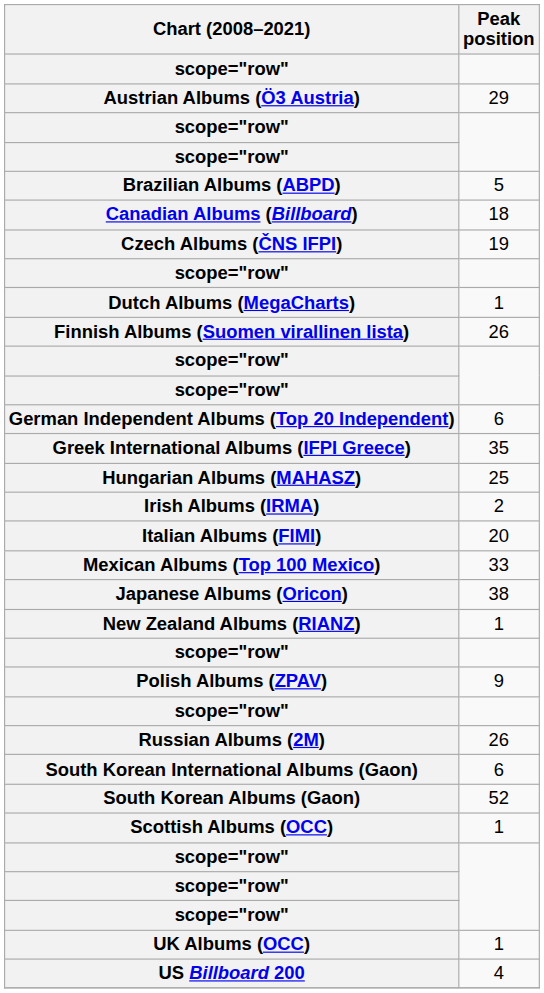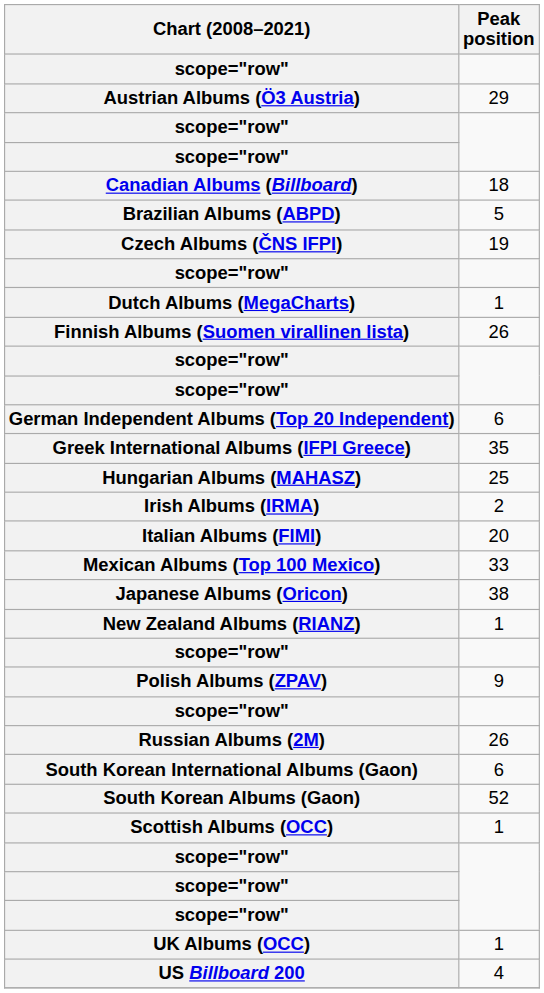 <table class="wikitable sortable plainrowheaders" style="text-align:center">
 <tr>
 <th scope="col">Chart (2008–2021)</th>
 <th scope="col">Peak<br>position</th>
 </tr>
 <tr>
 <th>scope="row"</th>
 </tr>
 <tr>
 <th scope="row">Austrian Albums (<a href='#'>Ö3 Austria</a>)</th>
 <td style="text-align:center;">29</td>
 </tr>
 <tr>
 <th>scope="row"</th>
 </tr>
 <tr>
 <th>scope="row"</th>
 </tr>
 <tr>
+<th scope="row"><a href='#'>Canadian Albums</a> (<em><a href='#'>Billboard</a></em>)</th>
+<td style="text-align:center;">18</td>
+</tr>
+<tr>
 <th scope="row">Brazilian Albums (<a href='#'>ABPD</a>)</th>
 <td style="text-align:center;">5</td>
-</tr>
-<tr>
-<th scope="row"><a href='#'>Canadian Albums</a> (<em><a href='#'>Billboard</a></em>)</th>
-<td style="text-align:center;">18</td>
 </tr>
 <tr>
 <th scope="row">Czech Albums (<a href='#'>ČNS IFPI</a>)</th>
 <td style="text-align:center;">19</td>
 </tr>
 <tr>
 <th>scope="row"</th>
 </tr>
 <tr>
 <th scope="row">Dutch Albums (<a href='#'>MegaCharts</a>)</th>
 <td style="text-align:center;">1</td>
 </tr>
 <tr>
 <th scope="row">Finnish Albums (<a href='#'>Suomen virallinen lista</a>)</th>
 <td style="text-align:center;">26</td>
 </tr>
 <tr>
 <th>scope="row"</th>
 </tr>
 <tr>
 <th>scope="row"</th>
 </tr>
 <tr>
 <th scope="row">German Independent Albums (<a href='#'>Top 20 Independent</a>)</th>
 <td style="text-align:center;">6</td>
 </tr>
 <tr>
 <th scope="row">Greek International Albums (<a href='#'>IFPI Greece</a>)</th>
 <td style="text-align:center;">35</td>
 </tr>
 <tr>
 <th scope="row">Hungarian Albums (<a href='#'>MAHASZ</a>)</th>
 <td style="text-align:center;">25</td>
 </tr>
 <tr>
 <th scope="row">Irish Albums (<a href='#'>IRMA</a>)</th>
 <td style="text-align:center;">2</td>
 </tr>
 <tr>
 <th scope="row">Italian Albums (<a href='#'>FIMI</a>)</th>
 <td style="text-align:center;">20</td>
 </tr>
 <tr>
 <th scope="row">Mexican Albums (<a href='#'>Top 100 Mexico</a>)</th>
 <td style="text-align:center;">33</td>
 </tr>
 <tr>
 <th scope="row">Japanese Albums (<a href='#'>Oricon</a>)</th>
 <td style="text-align:center;">38</td>
 </tr>
 <tr>
 <th scope="row">New Zealand Albums (<a href='#'>RIANZ</a>)</th>
 <td style="text-align:center;">1</td>
 </tr>
 <tr>
 <th>scope="row"</th>
 </tr>
 <tr>
 <th scope="row">Polish Albums (<a href='#'>ZPAV</a>)</th>
 <td style="text-align:center;">9</td>
 </tr>
 <tr>
 <th>scope="row"</th>
 </tr>
 <tr>
 <th scope="row">Russian Albums (<a href='#'>2M</a>)</th>
 <td style="text-align:center;">26</td>
 </tr>
 <tr>
 <th scope="row">South Korean International Albums (Gaon)</th>
 <td style="text-align:center;">6</td>
 </tr>
 <tr>
 <th scope="row">South Korean Albums (Gaon)</th>
 <td style="text-align:center;">52</td>
 </tr>
 <tr>
 <th scope="row">Scottish Albums (<a href='#'>OCC</a>)</th>
 <td style="text-align:center;">1</td>
 </tr>
 <tr>
 <th>scope="row"</th>
 </tr>
 <tr>
 <th>scope="row"</th>
 </tr>
 <tr>
 <th>scope="row"</th>
 </tr>
 <tr>
 <th scope="row">UK Albums (<a href='#'>OCC</a>)</th>
 <td style="text-align:center;">1</td>
 </tr>
 <tr>
 <th scope="row">US <a href='#'><em>Billboard</em> 200</a></th>
 <td style="text-align:center;">4</td>
 </tr>
 <tr>
 </tr>
 </table>
